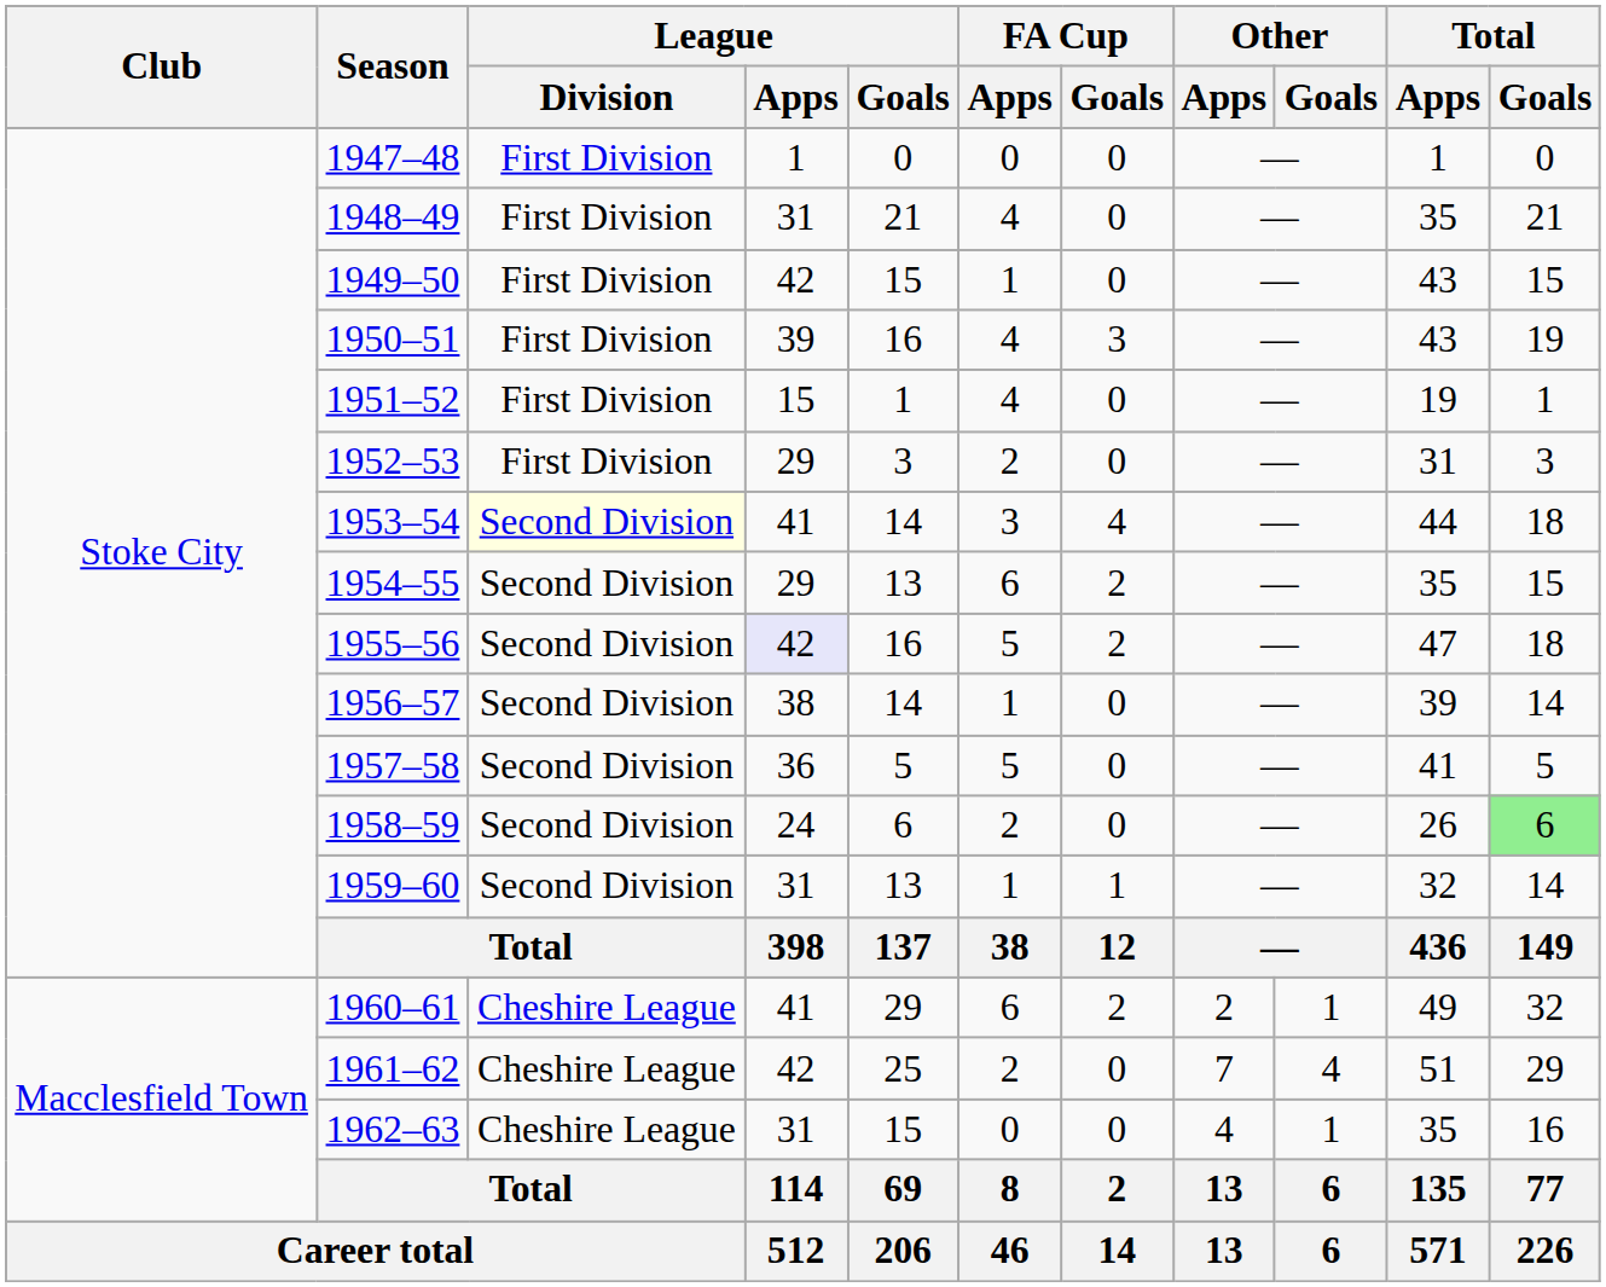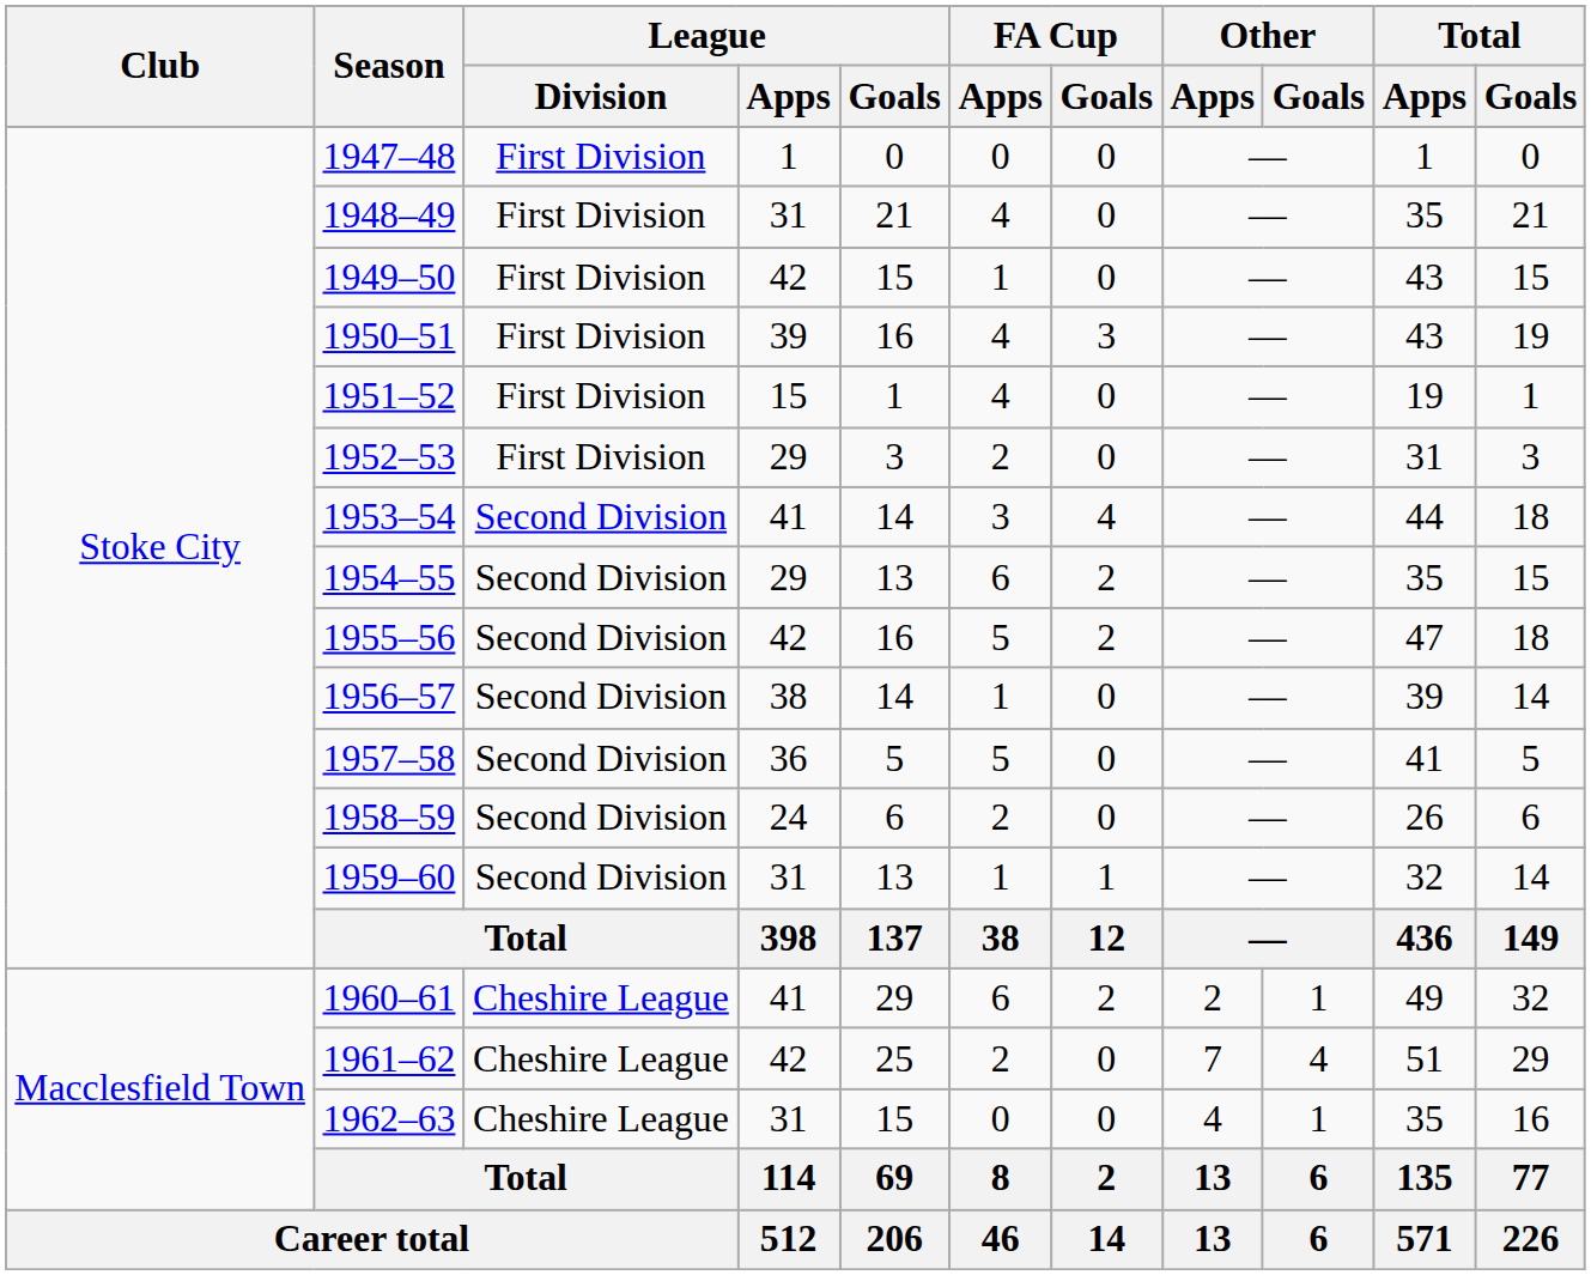 <table class="wikitable" style="text-align: center;">
 <tr>
 <th rowspan="2">Club</th>
 <th rowspan="2">Season</th>
 <th colspan="3">League</th>
 <th colspan="2">FA Cup</th>
 <th colspan="2">Other</th>
 <th colspan="2">Total</th>
 </tr>
 <tr>
 <th>Division</th>
 <th>Apps</th>
 <th>Goals</th>
 <th>Apps</th>
 <th>Goals</th>
 <th>Apps</th>
 <th>Goals</th>
 <th>Apps</th>
 <th>Goals</th>
 </tr>
 <tr>
 <td rowspan="14"><a href='#'>Stoke City</a></td>
 <td><a href='#'>1947–48</a></td>
 <td><a href='#'>First Division</a></td>
 <td>1</td>
 <td>0</td>
 <td>0</td>
 <td>0</td>
 <td colspan="2">—</td>
 <td>1</td>
 <td>0</td>
 </tr>
 <tr>
 <td><a href='#'>1948–49</a></td>
 <td>First Division</td>
 <td>31</td>
 <td>21</td>
 <td>4</td>
 <td>0</td>
 <td colspan="2">—</td>
 <td>35</td>
 <td>21</td>
 </tr>
 <tr>
 <td><a href='#'>1949–50</a></td>
 <td>First Division</td>
 <td>42</td>
 <td>15</td>
 <td>1</td>
 <td>0</td>
 <td colspan="2">—</td>
 <td>43</td>
 <td>15</td>
 </tr>
 <tr>
 <td><a href='#'>1950–51</a></td>
 <td>First Division</td>
 <td>39</td>
 <td>16</td>
 <td>4</td>
 <td>3</td>
 <td colspan="2">—</td>
 <td>43</td>
 <td>19</td>
 </tr>
 <tr>
 <td><a href='#'>1951–52</a></td>
 <td>First Division</td>
 <td>15</td>
 <td>1</td>
 <td>4</td>
 <td>0</td>
 <td colspan="2">—</td>
 <td>19</td>
 <td>1</td>
 </tr>
 <tr>
 <td><a href='#'>1952–53</a></td>
 <td>First Division</td>
 <td>29</td>
 <td>3</td>
 <td>2</td>
 <td>0</td>
 <td colspan="2">—</td>
 <td>31</td>
 <td>3</td>
 </tr>
 <tr>
 <td><a href='#'>1953–54</a></td>
-<td style="background: lightyellow;"><a href='#'>Second Division</a></td>
+<td><a href='#'>Second Division</a></td>
 <td>41</td>
 <td>14</td>
 <td>3</td>
 <td>4</td>
 <td colspan="2">—</td>
 <td>44</td>
 <td>18</td>
 </tr>
 <tr>
 <td><a href='#'>1954–55</a></td>
 <td>Second Division</td>
 <td>29</td>
 <td>13</td>
 <td>6</td>
 <td>2</td>
 <td colspan="2">—</td>
 <td>35</td>
 <td>15</td>
 </tr>
 <tr>
 <td><a href='#'>1955–56</a></td>
 <td>Second Division</td>
-<td style="background: lavender;">42</td>
+<td>42</td>
 <td>16</td>
 <td>5</td>
 <td>2</td>
 <td colspan="2">—</td>
 <td>47</td>
 <td>18</td>
 </tr>
 <tr>
 <td><a href='#'>1956–57</a></td>
 <td>Second Division</td>
 <td>38</td>
 <td>14</td>
 <td>1</td>
 <td>0</td>
 <td colspan="2">—</td>
 <td>39</td>
 <td>14</td>
 </tr>
 <tr>
 <td><a href='#'>1957–58</a></td>
 <td>Second Division</td>
 <td>36</td>
 <td>5</td>
 <td>5</td>
 <td>0</td>
 <td colspan="2">—</td>
 <td>41</td>
 <td>5</td>
 </tr>
 <tr>
 <td><a href='#'>1958–59</a></td>
 <td>Second Division</td>
 <td>24</td>
 <td>6</td>
 <td>2</td>
 <td>0</td>
 <td colspan="2">—</td>
 <td>26</td>
-<td style="background: lightgreen;">6</td>
+<td>6</td>
 </tr>
 <tr>
 <td><a href='#'>1959–60</a></td>
 <td>Second Division</td>
 <td>31</td>
 <td>13</td>
 <td>1</td>
 <td>1</td>
 <td colspan="2">—</td>
 <td>32</td>
 <td>14</td>
 </tr>
 <tr>
 <th colspan="2">Total</th>
 <th>398</th>
 <th>137</th>
 <th>38</th>
 <th>12</th>
 <th colspan="2">—</th>
 <th>436</th>
 <th>149</th>
 </tr>
 <tr>
 <td rowspan="4"><a href='#'>Macclesfield Town</a></td>
 <td><a href='#'>1960–61</a></td>
 <td><a href='#'>Cheshire League</a></td>
 <td>41</td>
 <td>29</td>
 <td>6</td>
 <td>2</td>
 <td>2</td>
 <td>1</td>
 <td>49</td>
 <td>32</td>
 </tr>
 <tr>
 <td><a href='#'>1961–62</a></td>
 <td>Cheshire League</td>
 <td>42</td>
 <td>25</td>
 <td>2</td>
 <td>0</td>
 <td>7</td>
 <td>4</td>
 <td>51</td>
 <td>29</td>
 </tr>
 <tr>
 <td><a href='#'>1962–63</a></td>
 <td>Cheshire League</td>
 <td>31</td>
 <td>15</td>
 <td>0</td>
 <td>0</td>
 <td>4</td>
 <td>1</td>
 <td>35</td>
 <td>16</td>
 </tr>
 <tr>
 <th colspan="2">Total</th>
 <th>114</th>
 <th>69</th>
 <th>8</th>
 <th>2</th>
 <th>13</th>
 <th>6</th>
 <th>135</th>
 <th>77</th>
 </tr>
 <tr>
 <th colspan="3">Career total</th>
 <th>512</th>
 <th>206</th>
 <th>46</th>
 <th>14</th>
 <th>13</th>
 <th>6</th>
 <th>571</th>
 <th>226</th>
 </tr>
 </table>
